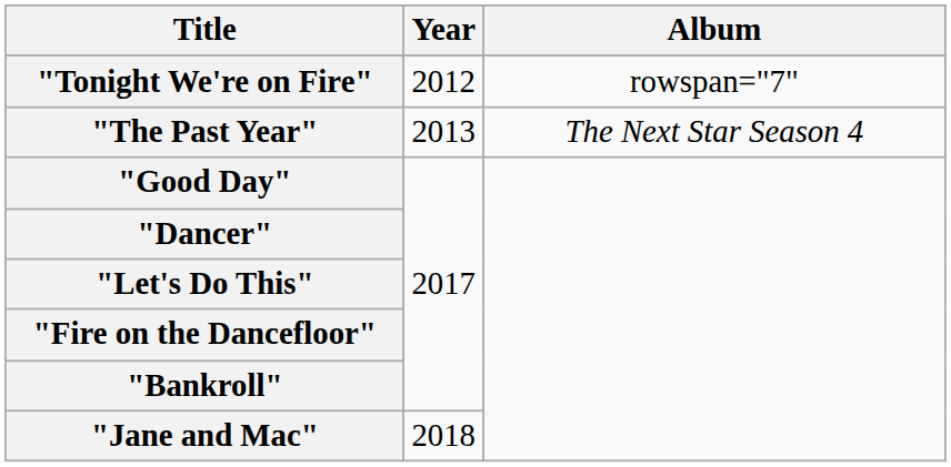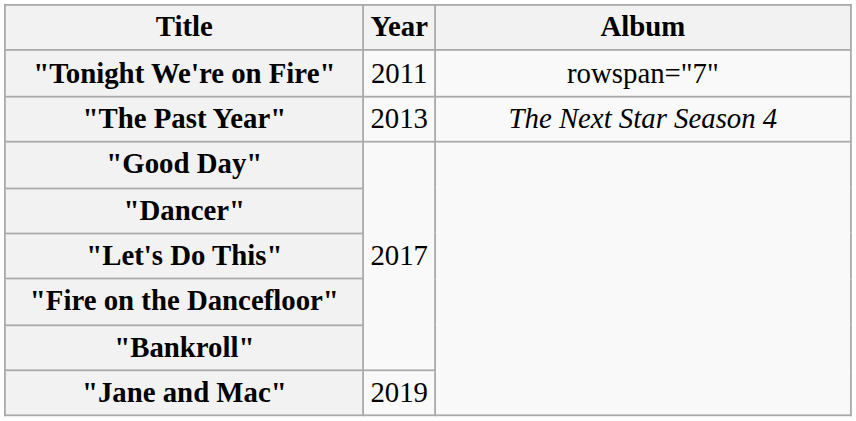 <table class="wikitable plainrowheaders" style="text-align:center;">
 <tr>
 <th scope="col" style="width:12em;">Title</th>
 <th scope="col">Year</th>
 <th scope="col" style="width:14em;">Album</th>
 </tr>
 <tr>
 <th scope="row">"Tonight We're on Fire"</th>
-<td>2012</td>
+<td>2011</td>
 <td>rowspan="7" </td>
 </tr>
 <tr>
 <th scope="row">"The Past Year"</th>
 <td>2013</td>
 <td><em>The Next Star Season 4</em></td>
 </tr>
 <tr>
 <th scope="row">"Good Day"<br></th>
 <td rowspan="5">2017</td>
 </tr>
 <tr>
 <th scope="row">"Dancer"<br></th>
 </tr>
 <tr>
 <th scope="row">"Let's Do This"<br></th>
 </tr>
 <tr>
 <th scope="row">"Fire on the Dancefloor"</th>
 </tr>
 <tr>
 <th scope="row">"Bankroll"<br></th>
 </tr>
 <tr>
 <th scope="row">"Jane and Mac"</th>
-<td>2018</td>
+<td>2019</td>
 </tr>
 </table>
